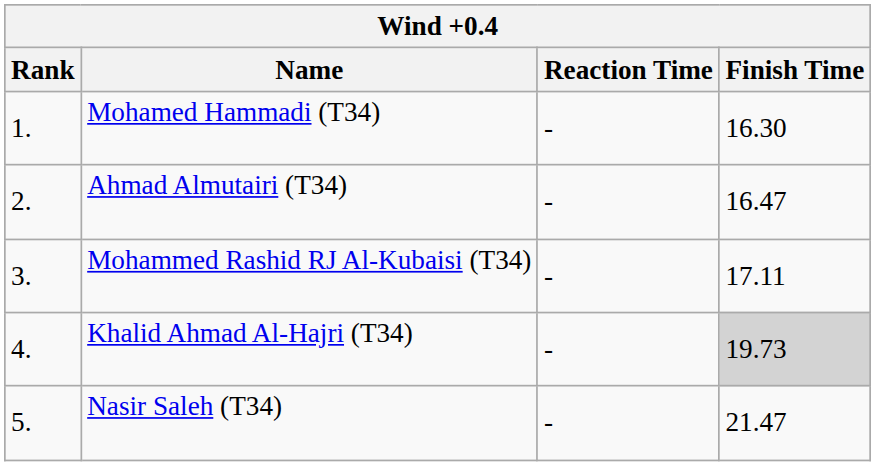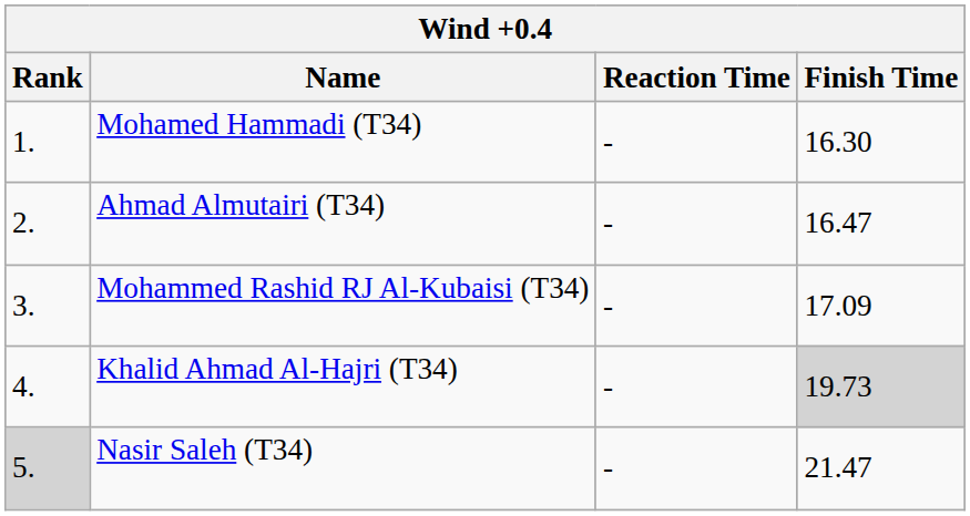 <table class="wikitable">
 <tr>
 <th colspan="4">Wind +0.4</th>
 </tr>
 <tr>
 <th>Rank</th>
 <th>Name</th>
 <th>Reaction Time</th>
 <th>Finish Time</th>
 </tr>
 <tr>
 <td>1.</td>
 <td><a href='#'>Mohamed Hammadi</a> (T34)<br><br></td>
 <td>-</td>
 <td>16.30</td>
 </tr>
 <tr>
 <td>2.</td>
 <td><a href='#'>Ahmad Almutairi</a> (T34)<br><br> </td>
 <td>-</td>
 <td>16.47</td>
 </tr>
 <tr>
 <td>3.</td>
 <td><a href='#'>Mohammed Rashid RJ Al-Kubaisi</a> (T34)<br><br></td>
 <td>-</td>
-<td>17.11</td>
+<td>17.09</td>
 </tr>
 <tr>
 <td>4.</td>
 <td><a href='#'>Khalid Ahmad Al-Hajri</a> (T34)<br><br></td>
 <td>-</td>
 <td style="background: lightgrey;">19.73</td>
 </tr>
 <tr>
-<td>5.</td>
+<td style="background: lightgrey;">5.</td>
 <td><a href='#'>Nasir Saleh</a> (T34)<br><br></td>
 <td>-</td>
 <td>21.47</td>
 </tr>
 </table>
